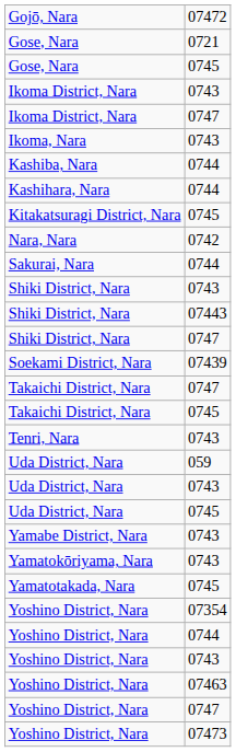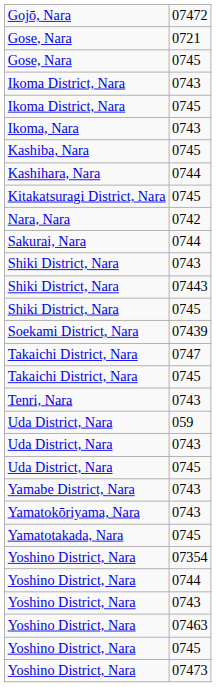 <table class="wikitable">
 <tr>
 <td><a href='#'>Gojō, Nara</a></td>
 <td>07472</td>
 </tr>
 <tr>
 <td><a href='#'>Gose, Nara</a></td>
 <td>0721</td>
 </tr>
 <tr>
 <td><a href='#'>Gose, Nara</a></td>
 <td>0745</td>
 </tr>
 <tr>
 <td><a href='#'>Ikoma District, Nara</a></td>
 <td>0743</td>
 </tr>
 <tr>
 <td><a href='#'>Ikoma District, Nara</a></td>
-<td>0747</td>
+<td>0745</td>
 </tr>
 <tr>
 <td><a href='#'>Ikoma, Nara</a></td>
 <td>0743</td>
 </tr>
 <tr>
 <td><a href='#'>Kashiba, Nara</a></td>
-<td>0744</td>
+<td>0745</td>
 </tr>
 <tr>
 <td><a href='#'>Kashihara, Nara</a></td>
 <td>0744</td>
 </tr>
 <tr>
 <td><a href='#'>Kitakatsuragi District, Nara</a></td>
 <td>0745</td>
 </tr>
 <tr>
 <td><a href='#'>Nara, Nara</a></td>
 <td>0742</td>
 </tr>
 <tr>
 <td><a href='#'>Sakurai, Nara</a></td>
 <td>0744</td>
 </tr>
 <tr>
 <td><a href='#'>Shiki District, Nara</a></td>
 <td>0743</td>
 </tr>
 <tr>
 <td><a href='#'>Shiki District, Nara</a></td>
 <td>07443</td>
 </tr>
 <tr>
 <td><a href='#'>Shiki District, Nara</a></td>
-<td>0747</td>
+<td>0745</td>
 </tr>
 <tr>
 <td><a href='#'>Soekami District, Nara</a></td>
 <td>07439</td>
 </tr>
 <tr>
 <td><a href='#'>Takaichi District, Nara</a></td>
 <td>0747</td>
 </tr>
 <tr>
 <td><a href='#'>Takaichi District, Nara</a></td>
 <td>0745</td>
 </tr>
 <tr>
 <td><a href='#'>Tenri, Nara</a></td>
 <td>0743</td>
 </tr>
 <tr>
 <td><a href='#'>Uda District, Nara</a></td>
 <td>059</td>
 </tr>
 <tr>
 <td><a href='#'>Uda District, Nara</a></td>
 <td>0743</td>
 </tr>
 <tr>
 <td><a href='#'>Uda District, Nara</a></td>
 <td>0745</td>
 </tr>
 <tr>
 <td><a href='#'>Yamabe District, Nara</a></td>
 <td>0743</td>
 </tr>
 <tr>
 <td><a href='#'>Yamatokōriyama, Nara</a></td>
 <td>0743</td>
 </tr>
 <tr>
 <td><a href='#'>Yamatotakada, Nara</a></td>
 <td>0745</td>
 </tr>
 <tr>
 <td><a href='#'>Yoshino District, Nara</a></td>
 <td>07354</td>
 </tr>
 <tr>
 <td><a href='#'>Yoshino District, Nara</a></td>
 <td>0744</td>
 </tr>
 <tr>
 <td><a href='#'>Yoshino District, Nara</a></td>
 <td>0743</td>
 </tr>
 <tr>
 <td><a href='#'>Yoshino District, Nara</a></td>
 <td>07463</td>
 </tr>
 <tr>
 <td><a href='#'>Yoshino District, Nara</a></td>
-<td>0747</td>
+<td>0745</td>
 </tr>
 <tr>
 <td><a href='#'>Yoshino District, Nara</a></td>
 <td>07473</td>
 </tr>
 </table>
